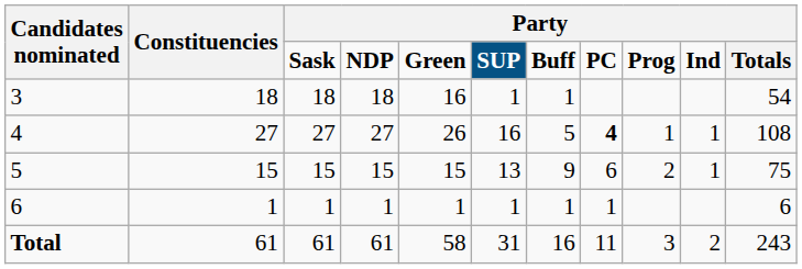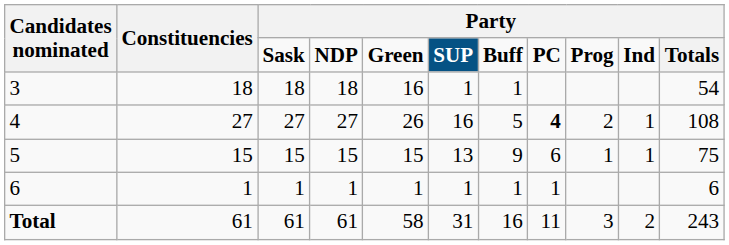 <table class="wikitable" style="text-align:right;">
 <tr>
 <th rowspan="2">Candidates<br>nominated</th>
 <th rowspan="2">Constituencies</th>
 <th colspan="9">Party</th>
 </tr>
 <tr>
 <td><strong>Sask</strong></td>
 <td><strong>NDP</strong></td>
 <td><strong>Green</strong></td>
 <td style="background: #055284; color: white" align="center"><strong>SUP</strong></td>
 <td><strong>Buff</strong></td>
 <td><strong>PC</strong></td>
 <td><strong>Prog</strong></td>
 <td><strong>Ind</strong></td>
 <th>Totals</th>
 </tr>
 <tr>
 <td style="text-align:left;">3</td>
 <td>18</td>
 <td>18</td>
 <td>18</td>
 <td>16</td>
 <td>1</td>
 <td>1</td>
 <td></td>
 <td></td>
 <td></td>
 <td>54</td>
 </tr>
 <tr>
 <td style="text-align:left;">4</td>
 <td>27</td>
 <td>27</td>
 <td>27</td>
 <td>26</td>
 <td>16</td>
 <td>5</td>
 <td><strong>4</strong></td>
-<td>1</td>
+<td>2</td>
 <td>1</td>
 <td>108</td>
 </tr>
 <tr>
 <td style="text-align:left;">5</td>
 <td>15</td>
 <td>15</td>
 <td>15</td>
 <td>15</td>
 <td>13</td>
 <td>9</td>
 <td>6</td>
-<td>2</td>
+<td>1</td>
 <td>1</td>
 <td>75</td>
 </tr>
 <tr>
 <td style="text-align:left;">6</td>
 <td>1</td>
 <td>1</td>
 <td>1</td>
 <td>1</td>
 <td>1</td>
 <td>1</td>
 <td>1</td>
 <td></td>
 <td></td>
 <td>6</td>
 </tr>
 <tr>
 <td style="text-align:left;"><strong>Total</strong></td>
 <td>61</td>
 <td>61</td>
 <td>61</td>
 <td>58</td>
 <td>31</td>
 <td>16</td>
 <td>11</td>
 <td>3</td>
 <td>2</td>
 <td>243</td>
 </tr>
 </table>
